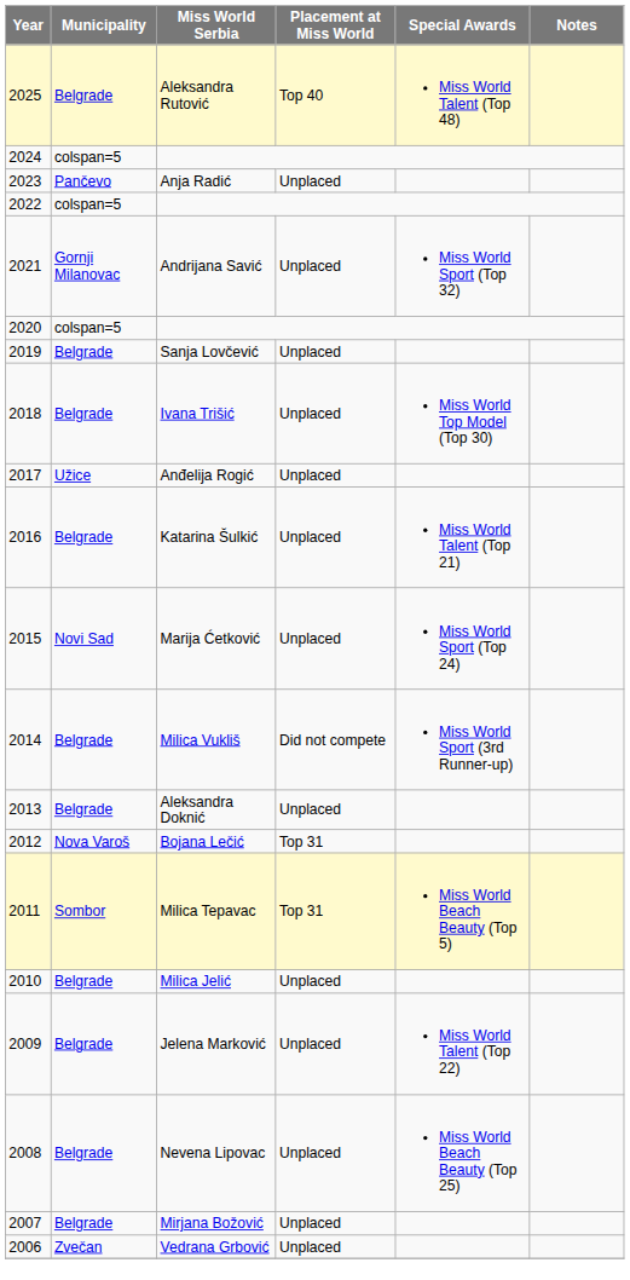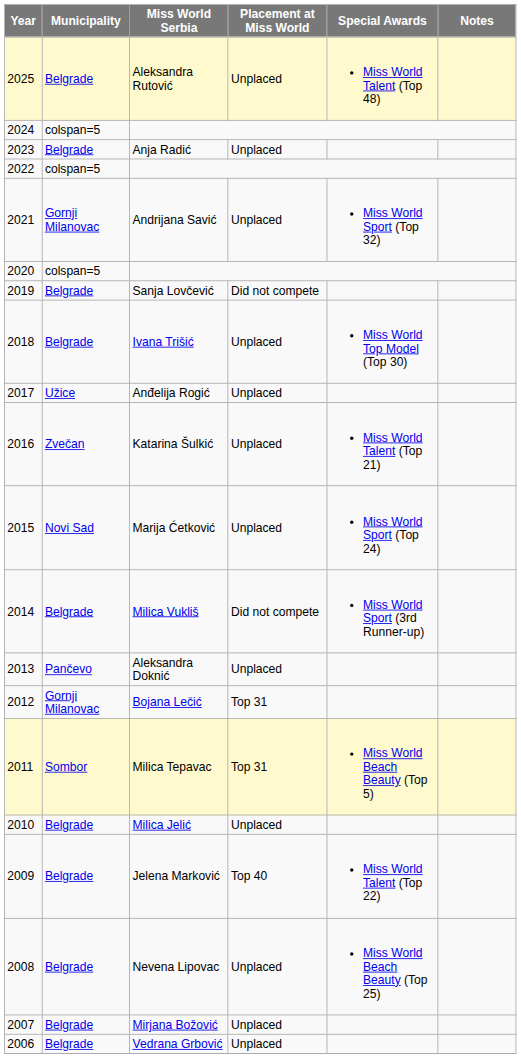 <table class="wikitable " style="font-size: 90%;">
 <tr>
 <th width="60" style="background-color:#787878;color:#FFFFFF;">Year</th>
 <th width="150" style="background-color:#787878;color:#FFFFFF;">Municipality</th>
 <th width="250" style="background-color:#787878;color:#FFFFFF;">Miss World Serbia</th>
 <th width="250" style="background-color:#787878;color:#FFFFFF;">Placement at Miss World</th>
 <th width="250" style="background-color:#787878;color:#FFFFFF;">Special Awards</th>
 <th width="250" style="background-color:#787878;color:#FFFFFF;">Notes</th>
 </tr>
 <tr style="background-color:#FFFACD;">
 <td>2025</td>
 <td><a href='#'>Belgrade</a></td>
 <td>Aleksandra Rutović</td>
-<td>Top 40</td>
+<td>Unplaced</td>
 <td align="left"><br><ul><li><a href='#'>Miss World Talent</a> (Top 48)</li></ul></td>
 <td></td>
 </tr>
 <tr>
 <td>2024</td>
 <td>colspan=5 </td>
 </tr>
 <tr>
 <td>2023</td>
-<td><a href='#'>Pančevo</a></td>
+<td><a href='#'>Belgrade</a></td>
 <td>Anja Radić</td>
 <td>Unplaced</td>
 <td></td>
 <td></td>
 </tr>
 <tr>
 <td>2022</td>
 <td>colspan=5 </td>
 </tr>
 <tr>
 <td>2021</td>
 <td><a href='#'>Gornji Milanovac</a></td>
 <td>Andrijana Savić</td>
 <td>Unplaced</td>
 <td align="left"><br><ul><li><a href='#'>Miss World Sport</a> (Top 32)</li></ul></td>
 <td></td>
 </tr>
 <tr>
 <td>2020</td>
 <td>colspan=5 </td>
 </tr>
 <tr>
 <td>2019</td>
 <td><a href='#'>Belgrade</a></td>
 <td>Sanja Lovčević</td>
-<td>Unplaced</td>
+<td>Did not compete</td>
 <td></td>
 <td></td>
 </tr>
 <tr>
 <td>2018</td>
 <td><a href='#'>Belgrade</a></td>
 <td><a href='#'>Ivana Trišić</a></td>
 <td>Unplaced</td>
 <td align="left"><br><ul><li><a href='#'>Miss World Top Model</a> (Top 30)</li></ul></td>
 <td></td>
 </tr>
 <tr>
 <td>2017</td>
 <td><a href='#'>Užice</a></td>
 <td>Anđelija Rogić</td>
 <td>Unplaced</td>
 <td></td>
 <td></td>
 </tr>
 <tr>
 <td>2016</td>
-<td><a href='#'>Belgrade</a></td>
+<td><a href='#'>Zvečan</a></td>
 <td>Katarina Šulkić</td>
 <td>Unplaced</td>
 <td align="left"><br><ul><li><a href='#'>Miss World Talent</a> (Top 21)</li></ul></td>
 <td></td>
 </tr>
 <tr>
 <td>2015</td>
 <td><a href='#'>Novi Sad</a></td>
 <td>Marija Ćetković</td>
 <td>Unplaced</td>
 <td align="left"><br><ul><li><a href='#'>Miss World Sport</a> (Top 24)</li></ul></td>
 <td></td>
 </tr>
 <tr>
 <td>2014</td>
 <td><a href='#'>Belgrade</a></td>
 <td><a href='#'>Milica Vukliš</a></td>
 <td>Did not compete</td>
 <td align="left"><br><ul><li><a href='#'>Miss World Sport</a> (3rd Runner-up)</li></ul></td>
 <td></td>
 </tr>
 <tr>
 <td>2013</td>
-<td><a href='#'>Belgrade</a></td>
+<td><a href='#'>Pančevo</a></td>
 <td>Aleksandra Doknić</td>
 <td>Unplaced</td>
 <td></td>
 <td></td>
 </tr>
 <tr>
 <td>2012</td>
-<td><a href='#'>Nova Varoš</a></td>
+<td><a href='#'>Gornji Milanovac</a></td>
 <td><a href='#'>Bojana Lečić</a></td>
 <td>Top 31</td>
 <td></td>
 <td></td>
 </tr>
 <tr style="background-color:#FFFACD;">
 <td>2011</td>
 <td><a href='#'>Sombor</a></td>
 <td>Milica Tepavac</td>
 <td>Top 31</td>
 <td align="left"><br><ul><li><a href='#'>Miss World Beach Beauty</a> (Top 5)</li></ul></td>
 <td></td>
 </tr>
 <tr>
 <td>2010</td>
 <td><a href='#'>Belgrade</a></td>
 <td><a href='#'>Milica Jelić</a></td>
 <td>Unplaced</td>
 <td></td>
 <td></td>
 </tr>
 <tr>
 <td>2009</td>
 <td><a href='#'>Belgrade</a></td>
 <td>Jelena Marković</td>
-<td>Unplaced</td>
+<td>Top 40</td>
 <td align="left"><br><ul><li><a href='#'>Miss World Talent</a> (Top 22)</li></ul></td>
 <td></td>
 </tr>
 <tr>
 <td>2008</td>
 <td><a href='#'>Belgrade</a></td>
 <td>Nevena Lipovac</td>
 <td>Unplaced</td>
 <td align="left"><br><ul><li><a href='#'>Miss World Beach Beauty</a> (Top 25)</li></ul></td>
 <td></td>
 </tr>
 <tr>
 <td>2007</td>
 <td><a href='#'>Belgrade</a></td>
 <td><a href='#'>Mirjana Božović</a></td>
 <td>Unplaced</td>
 <td></td>
 <td></td>
 </tr>
 <tr>
 <td>2006</td>
-<td><a href='#'>Zvečan</a></td>
+<td><a href='#'>Belgrade</a></td>
 <td><a href='#'>Vedrana Grbović</a></td>
 <td>Unplaced</td>
 <td></td>
 <td></td>
 </tr>
 <tr>
 </tr>
 </table>
